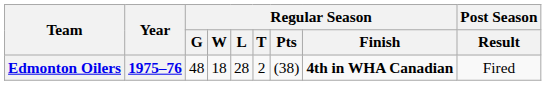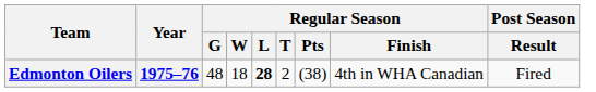 <table class="wikitable" style="font-size: 95%; text-align:center;">
 <tr>
 <th rowspan="2">Team</th>
 <th rowspan="2">Year</th>
 <th colspan="6">Regular Season</th>
 <th colspan="1">Post Season</th>
 </tr>
 <tr>
 <th>G</th>
 <th>W</th>
 <th>L</th>
 <th>T</th>
 <th>Pts</th>
 <th>Finish</th>
 <th>Result</th>
 </tr>
 <tr>
 <th><a href='#'>Edmonton Oilers</a></th>
 <th><a href='#'>1975–76</a></th>
 <td>48</td>
 <td>18</td>
-<td>28</td>
+<td><strong>28</strong></td>
 <td>2</td>
 <td>(38)</td>
-<td><strong>4th in WHA Canadian</strong></td>
+<td>4th in WHA Canadian</td>
 <td>Fired</td>
 </tr>
 </table>
